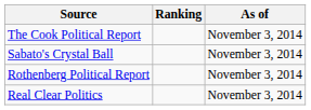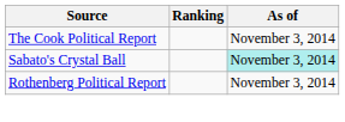 <table class="wikitable" style="text-align:center">
 <tr>
 <th>Source</th>
 <th>Ranking</th>
 <th>As of</th>
 </tr>
 <tr>
 <td align=left><a href='#'>The Cook Political Report</a></td>
 <td></td>
 <td>November 3, 2014</td>
 </tr>
 <tr>
 <td align=left><a href='#'>Sabato's Crystal Ball</a></td>
 <td style="background:"></td>
-<td>November 3, 2014</td>
+<td style="background: paleturquoise;">November 3, 2014</td>
 </tr>
 <tr>
 <td align=left><a href='#'>Rothenberg Political Report</a></td>
 <td></td>
 <td>November 3, 2014</td>
 </tr>
-<tr>
-<td align=left><a href='#'>Real Clear Politics</a></td>
-<td></td>
-<td>November 3, 2014</td>
-</tr>
 </table>
